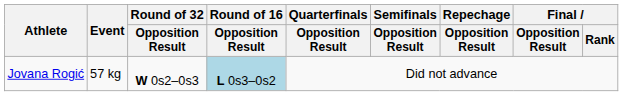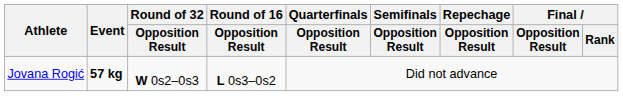 <table class="wikitable" style="font-size:90%">
 <tr>
 <th rowspan="2">Athlete</th>
 <th rowspan="2">Event</th>
 <th>Round of 32</th>
 <th>Round of 16</th>
 <th>Quarterfinals</th>
 <th>Semifinals</th>
 <th>Repechage</th>
 <th colspan=2>Final / </th>
 </tr>
 <tr style="font-size:95%">
 <th>Opposition<br>Result</th>
 <th>Opposition<br>Result</th>
 <th>Opposition<br>Result</th>
 <th>Opposition<br>Result</th>
 <th>Opposition<br>Result</th>
 <th>Opposition<br>Result</th>
 <th>Rank</th>
 </tr>
 <tr align=center>
 <td align=left><a href='#'>Jovana Rogić</a></td>
-<td align=left>57 kg</td>
+<td align=left><strong>57 kg</strong></td>
 <td><br><strong>W</strong> 0s2–0s3</td>
-<td style="background: lightblue;"><br><strong>L</strong> 0s3–0s2</td>
+<td><br><strong>L</strong> 0s3–0s2</td>
 <td colspan=5 align=center>Did not advance</td>
 </tr>
 </table>
